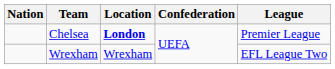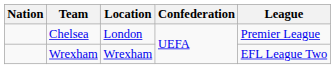 <table class="wikitable sortable">
 <tr>
 <th>Nation</th>
 <th>Team</th>
 <th>Location</th>
 <th>Confederation</th>
 <th>League</th>
 </tr>
 <tr>
 <td></td>
 <td><a href='#'>Chelsea</a></td>
-<td><strong><a href='#'>London</a></strong></td>
+<td><a href='#'>London</a></td>
 <td rowspan="2"><a href='#'>UEFA</a></td>
 <td><a href='#'>Premier League</a></td>
 </tr>
 <tr>
 <td></td>
 <td><a href='#'>Wrexham</a></td>
 <td><a href='#'>Wrexham</a></td>
 <td><a href='#'>EFL League Two</a></td>
 </tr>
 </table>
